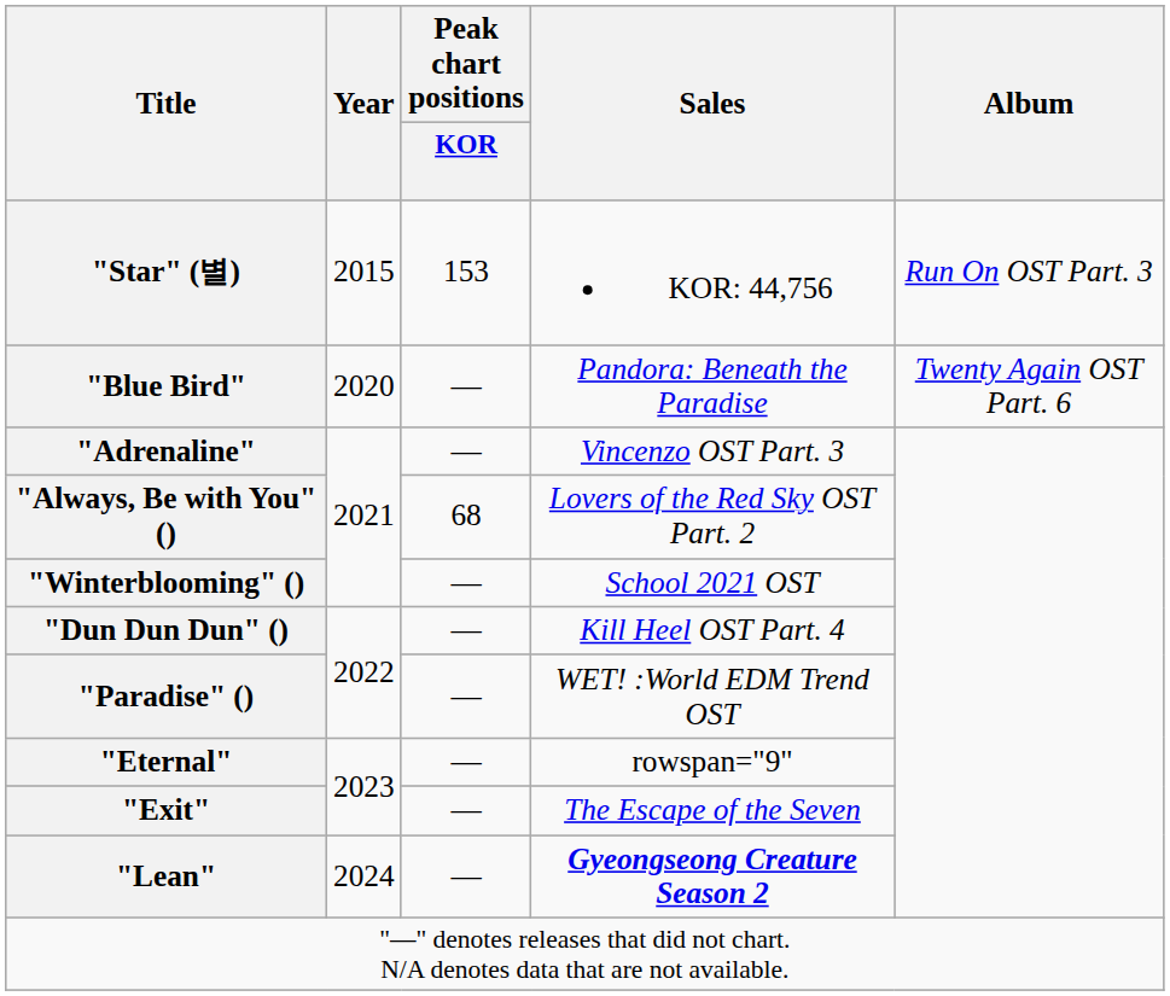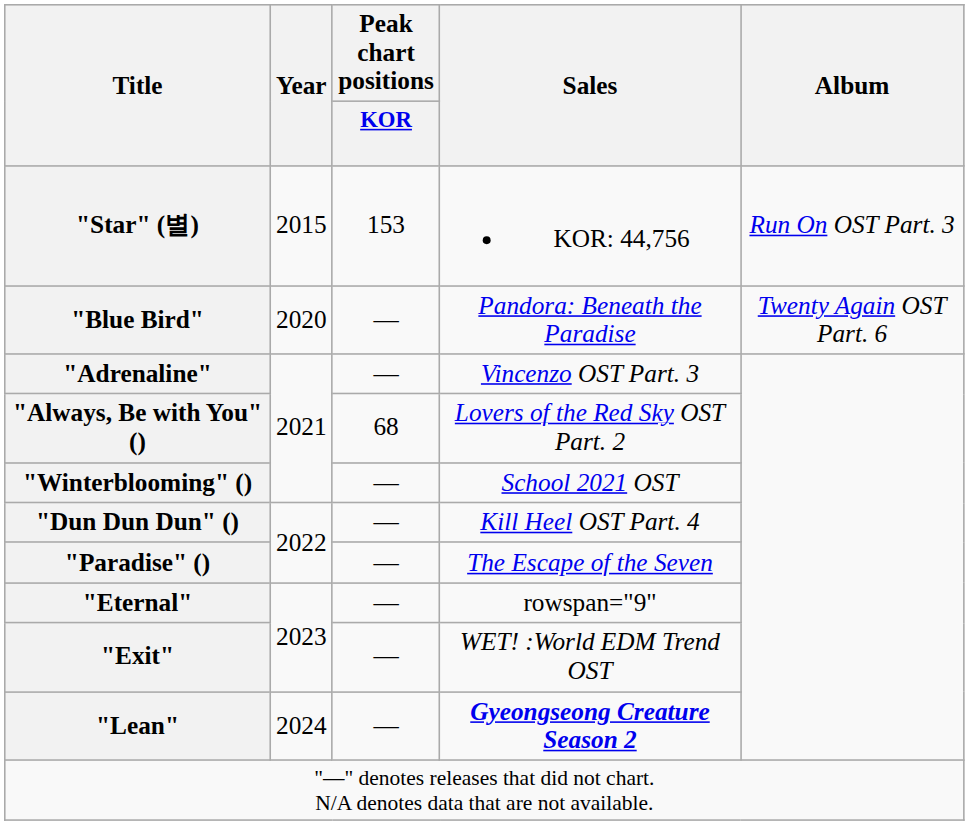 <table class="wikitable plainrowheaders" style="text-align:center">
 <tr>
 <th scope="col" rowspan="2">Title</th>
 <th scope="col" rowspan="2">Year</th>
 <th scope="col">Peak chart<br>positions</th>
 <th scope="col" rowspan="2">Sales</th>
 <th scope="col" rowspan="2">Album</th>
 </tr>
 <tr>
 <th scope="col" style="font-size:90%; width:2.5em"><a href='#'>KOR</a><br><br></th>
 </tr>
 <tr>
 <th scope="row">"Star" (별) <br></th>
 <td>2015</td>
 <td>153</td>
 <td><br><ul><li>KOR: 44,756</li></ul></td>
 <td><em><a href='#'>Run On</a> OST Part. 3</em></td>
 </tr>
 <tr>
 <th scope="row">"Blue Bird" <br></th>
 <td>2020</td>
 <td>—</td>
 <td><em><a href='#'>Pandora: Beneath the Paradise</a></em></td>
 <td><em><a href='#'>Twenty Again</a> OST Part. 6</em></td>
 </tr>
 <tr>
 <th scope="row">"Adrenaline"</th>
 <td rowspan="3">2021</td>
 <td>—</td>
 <td><em><a href='#'>Vincenzo</a> OST Part. 3</em></td>
 </tr>
 <tr>
 <th scope="row">"Always, Be with You" ()</th>
 <td>68</td>
 <td><em><a href='#'>Lovers of the Red Sky</a> OST Part. 2 </em></td>
 </tr>
 <tr>
 <th scope="row">"Winterblooming" ()</th>
 <td>—</td>
 <td><em><a href='#'>School 2021</a></em> <em>OST</em></td>
 </tr>
 <tr>
 <th scope="row">"Dun Dun Dun" () <br></th>
 <td rowspan="2">2022</td>
 <td>—</td>
 <td><em><a href='#'>Kill Heel</a> OST Part. 4</em></td>
 </tr>
 <tr>
 <th scope="row">"Paradise" ()</th>
 <td>—</td>
-<td><em>WET! :World EDM Trend OST</em></td>
+<td><em><a href='#'>The Escape of the Seven</a></em></td>
 </tr>
 <tr>
 <th scope="row">"Eternal"</th>
 <td rowspan="2">2023</td>
 <td>—</td>
 <td>rowspan="9" </td>
 </tr>
 <tr>
 <th scope="row">"Exit"</th>
 <td>—</td>
-<td><em><a href='#'>The Escape of the Seven</a></em></td>
+<td><em>WET! :World EDM Trend OST</em></td>
 </tr>
 <tr>
 <th scope="row">"Lean"</th>
 <td>2024</td>
 <td>—</td>
 <td><strong><a href='#'><em>Gyeongseong Creature Season 2</em></a></strong></td>
 </tr>
 <tr>
 <td colspan="5" style="font-size:85%">"—" denotes releases that did not chart.<br>N/A denotes data that are not available.</td>
 </tr>
 </table>
